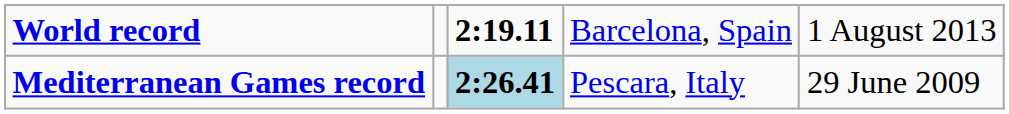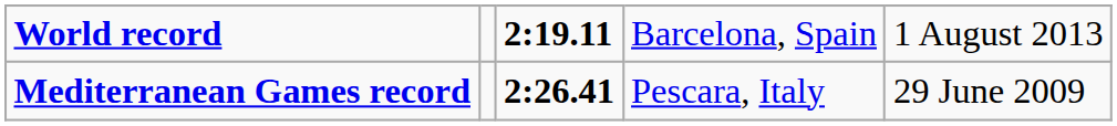 <table class="wikitable">
 <tr>
 <td><strong><a href='#'>World record</a></strong></td>
 <td></td>
 <td><strong>2:19.11</strong></td>
 <td><a href='#'>Barcelona</a>, <a href='#'>Spain</a></td>
 <td>1 August 2013</td>
 </tr>
 <tr>
 <td><strong><a href='#'>Mediterranean Games record</a></strong></td>
 <td></td>
-<td style="background: lightblue;"><strong>2:26.41</strong></td>
+<td><strong>2:26.41</strong></td>
 <td><a href='#'>Pescara</a>, <a href='#'>Italy</a></td>
 <td>29 June 2009</td>
 </tr>
 </table>
